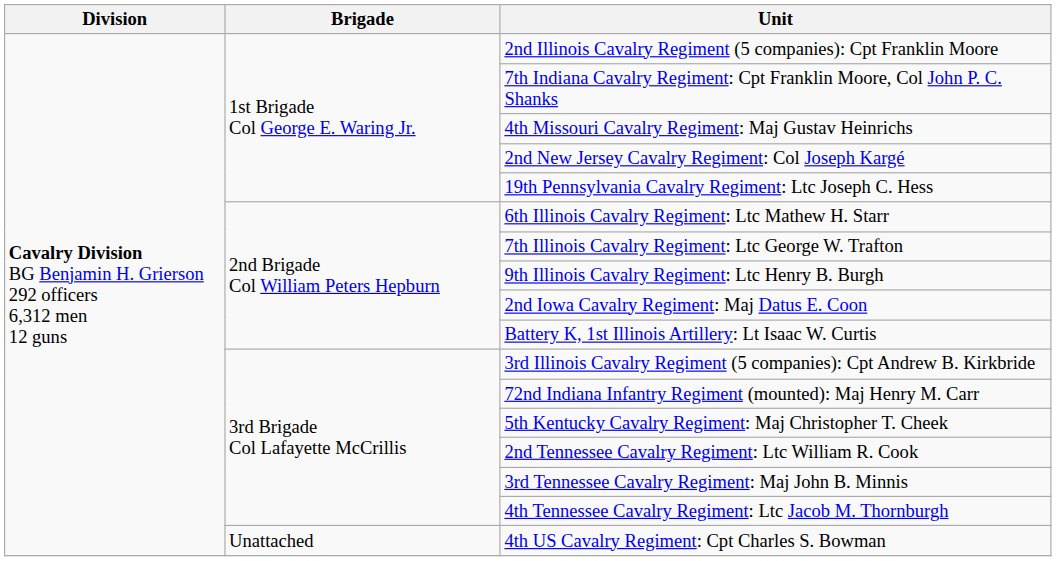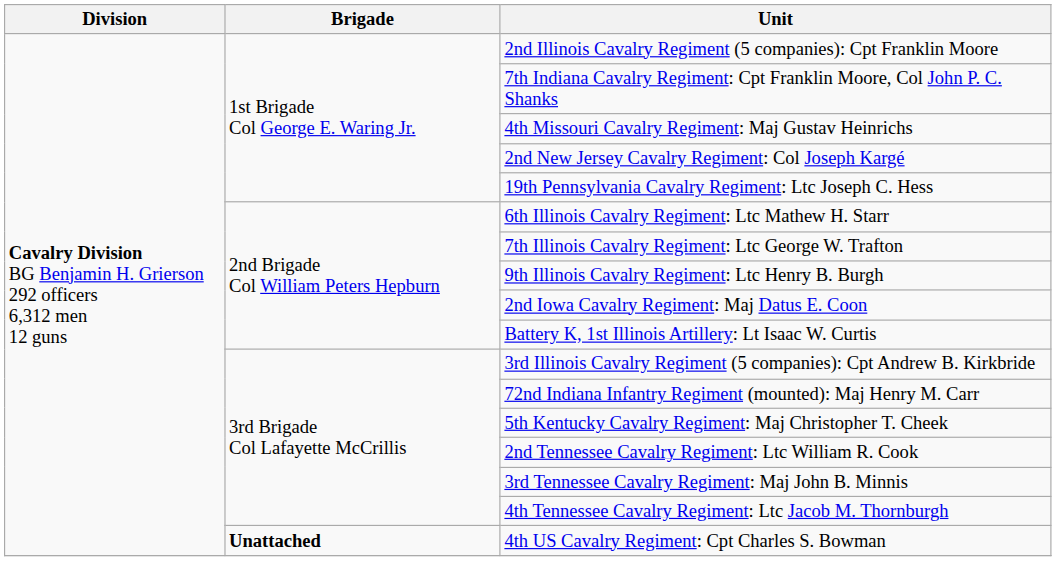 <table class="wikitable" style="text-align:left; width:57%;">
 <tr>
 <th width=12%>Division</th>
 <th width=15%>Brigade</th>
 <th width=30%>Unit</th>
 </tr>
 <tr>
 <td rowspan=17><strong>Cavalry Division</strong><br>BG <a href='#'>Benjamin H. Grierson</a><br>292 officers<br>6,312 men<br>12 guns</td>
 <td rowspan=5>1st Brigade<br>Col <a href='#'>George E. Waring Jr.</a></td>
 <td><a href='#'>2nd Illinois Cavalry Regiment</a> (5 companies): Cpt Franklin Moore</td>
 </tr>
 <tr>
 <td><a href='#'>7th Indiana Cavalry Regiment</a>: Cpt Franklin Moore, Col <a href='#'>John P. C. Shanks</a></td>
 </tr>
 <tr>
 <td><a href='#'>4th Missouri Cavalry Regiment</a>: Maj Gustav Heinrichs</td>
 </tr>
 <tr>
 <td><a href='#'>2nd New Jersey Cavalry Regiment</a>: Col <a href='#'>Joseph Kargé</a></td>
 </tr>
 <tr>
 <td><a href='#'>19th Pennsylvania Cavalry Regiment</a>: Ltc Joseph C. Hess</td>
 </tr>
 <tr>
 <td rowspan=5>2nd Brigade<br>Col <a href='#'>William Peters Hepburn</a></td>
 <td><a href='#'>6th Illinois Cavalry Regiment</a>: Ltc Mathew H. Starr</td>
 </tr>
 <tr>
 <td><a href='#'>7th Illinois Cavalry Regiment</a>: Ltc George W. Trafton</td>
 </tr>
 <tr>
 <td><a href='#'>9th Illinois Cavalry Regiment</a>: Ltc Henry B. Burgh</td>
 </tr>
 <tr>
 <td><a href='#'>2nd Iowa Cavalry Regiment</a>: Maj <a href='#'>Datus E. Coon</a></td>
 </tr>
 <tr>
 <td><a href='#'>Battery K, 1st Illinois Artillery</a>: Lt Isaac W. Curtis</td>
 </tr>
 <tr>
 <td rowspan=6>3rd Brigade<br>Col Lafayette McCrillis</td>
 <td><a href='#'>3rd Illinois Cavalry Regiment</a> (5 companies): Cpt Andrew B. Kirkbride</td>
 </tr>
 <tr>
 <td><a href='#'>72nd Indiana Infantry Regiment</a> (mounted): Maj Henry M. Carr</td>
 </tr>
 <tr>
 <td><a href='#'>5th Kentucky Cavalry Regiment</a>: Maj Christopher T. Cheek</td>
 </tr>
 <tr>
 <td><a href='#'>2nd Tennessee Cavalry Regiment</a>: Ltc William R. Cook</td>
 </tr>
 <tr>
 <td><a href='#'>3rd Tennessee Cavalry Regiment</a>: Maj John B. Minnis</td>
 </tr>
 <tr>
 <td><a href='#'>4th Tennessee Cavalry Regiment</a>: Ltc <a href='#'>Jacob M. Thornburgh</a></td>
 </tr>
 <tr>
-<td rowspan=1>Unattached</td>
+<td rowspan=1><strong>Unattached</strong></td>
 <td><a href='#'>4th US Cavalry Regiment</a>: Cpt Charles S. Bowman</td>
 </tr>
 <tr>
 </tr>
 </table>
